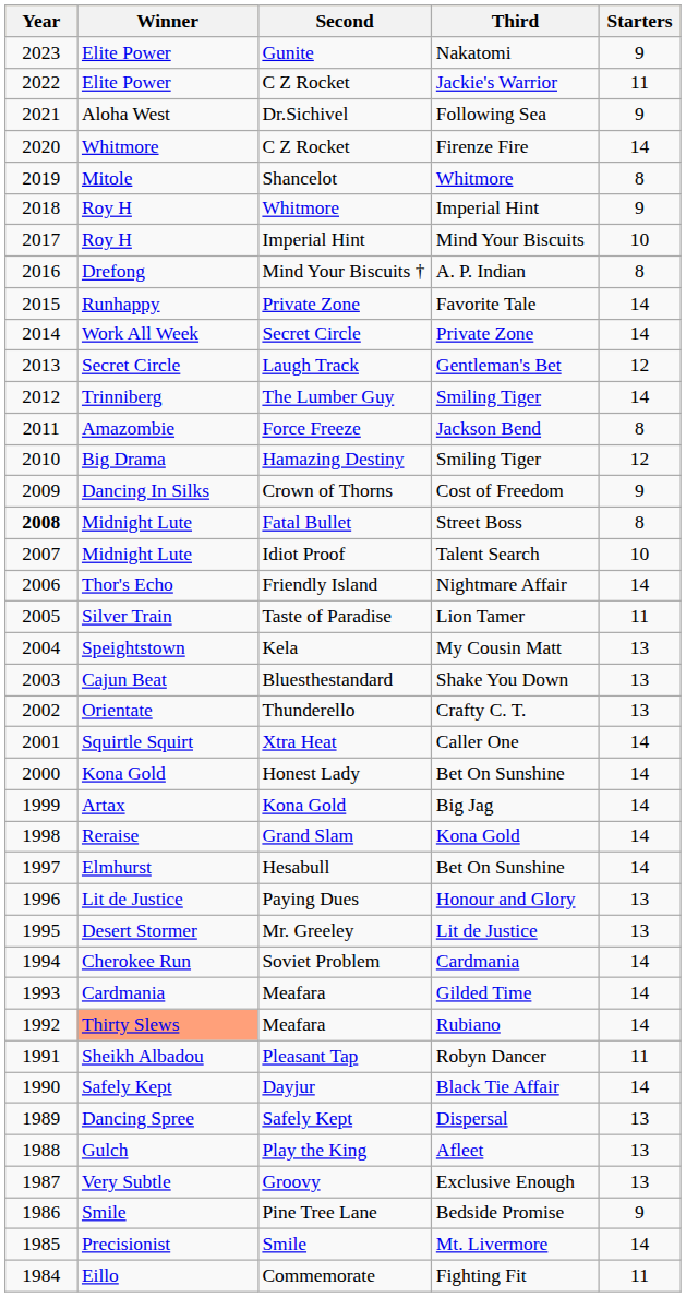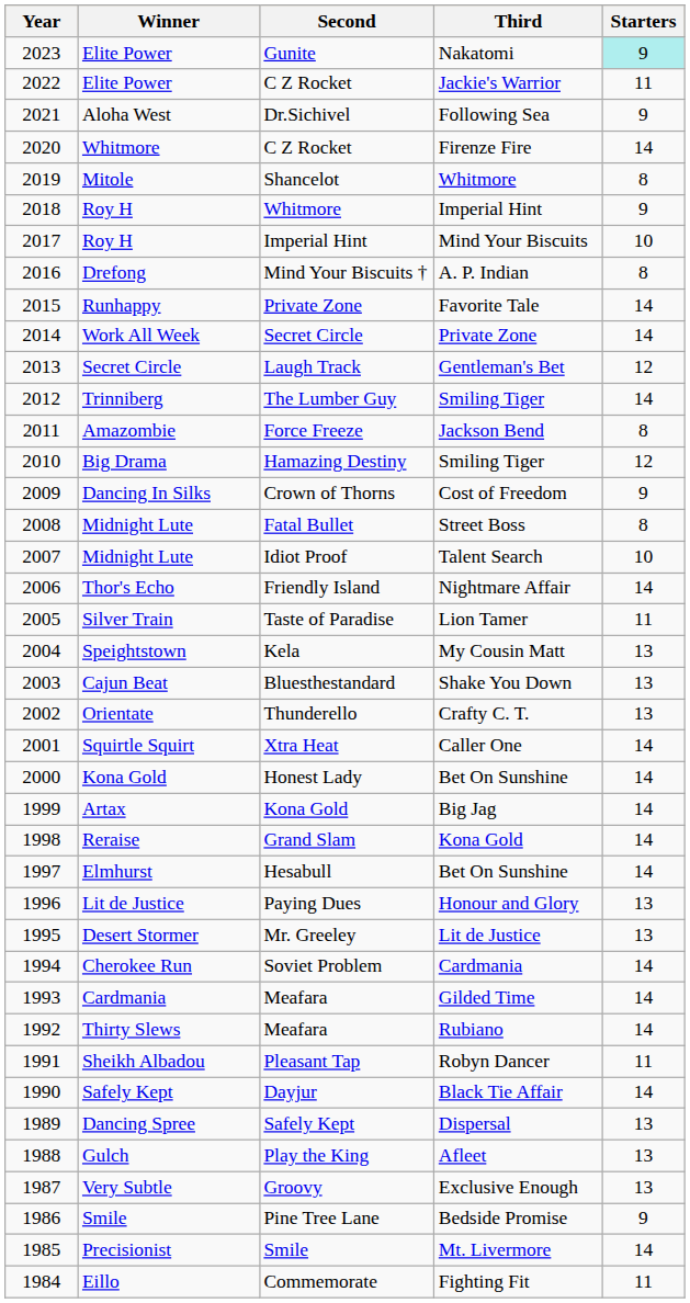 <table class = "wikitable sortable" | border="1" cellpadding="0" style="border-collapse: collapse; font-size:90%">
 <tr bgcolor="#DACAA5" align="center">
 <th width="48px"><strong>Year</strong></th>
 <th width="130px"><strong>Winner</strong></th>
 <th width="125px"><strong>Second</strong></th>
 <th width="120px"><strong>Third</strong></th>
 <th width="55px"><strong>Starters</strong></th>
 </tr>
 <tr>
 <td align=center>2023</td>
 <td><a href='#'>Elite Power</a></td>
 <td><a href='#'>Gunite</a></td>
 <td>Nakatomi</td>
-<td align=center>9</td>
+<td align=center style="background: paleturquoise;">9</td>
 </tr>
 <tr>
 <td align=center>2022</td>
 <td><a href='#'>Elite Power</a></td>
 <td>C Z Rocket</td>
 <td><a href='#'>Jackie's Warrior</a></td>
 <td align=center>11</td>
 </tr>
 <tr>
 <td align=center>2021</td>
 <td>Aloha West</td>
 <td>Dr.Sichivel</td>
 <td>Following Sea</td>
 <td align=center>9</td>
 </tr>
 <tr>
 <td align=center>2020</td>
 <td><a href='#'>Whitmore</a></td>
 <td>C Z Rocket</td>
 <td>Firenze Fire</td>
 <td align=center>14</td>
 </tr>
 <tr>
 <td align=center>2019</td>
 <td><a href='#'>Mitole</a></td>
 <td>Shancelot</td>
 <td><a href='#'>Whitmore</a></td>
 <td align=center>8</td>
 </tr>
 <tr>
 <td align=center>2018</td>
 <td><a href='#'>Roy H</a></td>
 <td><a href='#'>Whitmore</a></td>
 <td>Imperial Hint</td>
 <td align=center>9</td>
 </tr>
 <tr>
 <td align=center>2017</td>
 <td><a href='#'>Roy H</a></td>
 <td>Imperial Hint</td>
 <td>Mind Your Biscuits</td>
 <td align=center>10</td>
 </tr>
 <tr>
 <td align=center>2016</td>
 <td><a href='#'>Drefong</a></td>
 <td>Mind Your Biscuits †</td>
 <td>A. P. Indian</td>
 <td align=center>8</td>
 </tr>
 <tr>
 <td align=center>2015</td>
 <td><a href='#'>Runhappy</a></td>
 <td><a href='#'>Private Zone</a></td>
 <td>Favorite Tale</td>
 <td align=center>14</td>
 </tr>
 <tr>
 <td align=center>2014</td>
 <td><a href='#'>Work All Week</a></td>
 <td><a href='#'>Secret Circle</a></td>
 <td><a href='#'>Private Zone</a></td>
 <td align=center>14</td>
 </tr>
 <tr>
 <td align=center>2013</td>
 <td><a href='#'>Secret Circle</a></td>
 <td><a href='#'>Laugh Track</a></td>
 <td><a href='#'>Gentleman's Bet</a></td>
 <td align=center>12</td>
 </tr>
 <tr>
 <td align=center>2012</td>
 <td><a href='#'>Trinniberg</a></td>
 <td><a href='#'>The Lumber Guy</a></td>
 <td><a href='#'>Smiling Tiger</a></td>
 <td align=center>14</td>
 </tr>
 <tr>
 <td align=center>2011</td>
 <td><a href='#'>Amazombie</a></td>
 <td><a href='#'>Force Freeze</a></td>
 <td><a href='#'>Jackson Bend</a></td>
 <td align=center>8</td>
 </tr>
 <tr>
 <td align=center>2010</td>
 <td><a href='#'>Big Drama</a></td>
 <td><a href='#'>Hamazing Destiny</a></td>
 <td>Smiling Tiger</td>
 <td align=center>12</td>
 </tr>
 <tr>
 <td align=center>2009</td>
 <td><a href='#'>Dancing In Silks</a></td>
 <td>Crown of Thorns</td>
 <td>Cost of Freedom</td>
 <td align=center>9</td>
 </tr>
 <tr>
-<td align=center><strong>2008</strong></td>
+<td align=center>2008</td>
 <td><a href='#'>Midnight Lute</a></td>
 <td><a href='#'>Fatal Bullet</a></td>
 <td>Street Boss</td>
 <td align=center>8</td>
 </tr>
 <tr>
 <td align=center>2007</td>
 <td><a href='#'>Midnight Lute</a></td>
 <td>Idiot Proof</td>
 <td>Talent Search</td>
 <td align=center>10</td>
 </tr>
 <tr>
 <td align=center>2006</td>
 <td><a href='#'>Thor's Echo</a></td>
 <td>Friendly Island</td>
 <td>Nightmare Affair</td>
 <td align=center>14</td>
 </tr>
 <tr>
 <td align=center>2005</td>
 <td><a href='#'>Silver Train</a></td>
 <td>Taste of Paradise</td>
 <td>Lion Tamer</td>
 <td align=center>11</td>
 </tr>
 <tr>
 <td align=center>2004</td>
 <td><a href='#'>Speightstown</a></td>
 <td>Kela</td>
 <td>My Cousin Matt</td>
 <td align=center>13</td>
 </tr>
 <tr>
 <td align=center>2003</td>
 <td><a href='#'>Cajun Beat</a></td>
 <td>Bluesthestandard</td>
 <td>Shake You Down</td>
 <td align=center>13</td>
 </tr>
 <tr>
 <td align=center>2002</td>
 <td><a href='#'>Orientate</a></td>
 <td>Thunderello</td>
 <td>Crafty C. T.</td>
 <td align=center>13</td>
 </tr>
 <tr>
 <td align=center>2001</td>
 <td><a href='#'>Squirtle Squirt</a></td>
 <td><a href='#'>Xtra Heat</a></td>
 <td>Caller One</td>
 <td align=center>14</td>
 </tr>
 <tr>
 <td align=center>2000</td>
 <td><a href='#'>Kona Gold</a></td>
 <td>Honest Lady</td>
 <td>Bet On Sunshine</td>
 <td align=center>14</td>
 </tr>
 <tr>
 <td align=center>1999</td>
 <td><a href='#'>Artax</a></td>
 <td><a href='#'>Kona Gold</a></td>
 <td>Big Jag</td>
 <td align=center>14</td>
 </tr>
 <tr>
 <td align=center>1998</td>
 <td><a href='#'>Reraise</a></td>
 <td><a href='#'>Grand Slam</a></td>
 <td><a href='#'>Kona Gold</a></td>
 <td align=center>14</td>
 </tr>
 <tr>
 <td align=center>1997</td>
 <td><a href='#'>Elmhurst</a></td>
 <td>Hesabull</td>
 <td>Bet On Sunshine</td>
 <td align=center>14</td>
 </tr>
 <tr>
 <td align=center>1996</td>
 <td><a href='#'>Lit de Justice</a></td>
 <td>Paying Dues</td>
 <td><a href='#'>Honour and Glory</a></td>
 <td align=center>13</td>
 </tr>
 <tr>
 <td align=center>1995</td>
 <td><a href='#'>Desert Stormer</a></td>
 <td>Mr. Greeley</td>
 <td><a href='#'>Lit de Justice</a></td>
 <td align=center>13</td>
 </tr>
 <tr>
 <td align=center>1994</td>
 <td><a href='#'>Cherokee Run</a></td>
 <td>Soviet Problem</td>
 <td><a href='#'>Cardmania</a></td>
 <td align=center>14</td>
 </tr>
 <tr>
 <td align=center>1993</td>
 <td><a href='#'>Cardmania</a></td>
 <td>Meafara</td>
 <td><a href='#'>Gilded Time</a></td>
 <td align=center>14</td>
 </tr>
 <tr>
 <td align=center>1992</td>
-<td style="background: lightsalmon;"><a href='#'>Thirty Slews</a></td>
+<td><a href='#'>Thirty Slews</a></td>
 <td>Meafara</td>
 <td><a href='#'>Rubiano</a></td>
 <td align=center>14</td>
 </tr>
 <tr>
 <td align=center>1991</td>
 <td><a href='#'>Sheikh Albadou</a></td>
 <td><a href='#'>Pleasant Tap</a></td>
 <td>Robyn Dancer</td>
 <td align=center>11</td>
 </tr>
 <tr>
 <td align=center>1990</td>
 <td><a href='#'>Safely Kept</a></td>
 <td><a href='#'>Dayjur</a></td>
 <td><a href='#'>Black Tie Affair</a></td>
 <td align=center>14</td>
 </tr>
 <tr>
 <td align=center>1989</td>
 <td><a href='#'>Dancing Spree</a></td>
 <td><a href='#'>Safely Kept</a></td>
 <td><a href='#'>Dispersal</a></td>
 <td align=center>13</td>
 </tr>
 <tr>
 <td align=center>1988</td>
 <td><a href='#'>Gulch</a></td>
 <td><a href='#'>Play the King</a></td>
 <td><a href='#'>Afleet</a></td>
 <td align=center>13</td>
 </tr>
 <tr>
 <td align=center>1987</td>
 <td><a href='#'>Very Subtle</a></td>
 <td><a href='#'>Groovy</a></td>
 <td>Exclusive Enough</td>
 <td align=center>13</td>
 </tr>
 <tr>
 <td align=center>1986</td>
 <td><a href='#'>Smile</a></td>
 <td>Pine Tree Lane</td>
 <td>Bedside Promise</td>
 <td align=center>9</td>
 </tr>
 <tr>
 <td align=center>1985</td>
 <td><a href='#'>Precisionist</a></td>
 <td><a href='#'>Smile</a></td>
 <td><a href='#'>Mt. Livermore</a></td>
 <td align=center>14</td>
 </tr>
 <tr>
 <td align=center>1984</td>
 <td><a href='#'>Eillo</a></td>
 <td>Commemorate</td>
 <td>Fighting Fit</td>
 <td align=center>11</td>
 </tr>
 </table>
